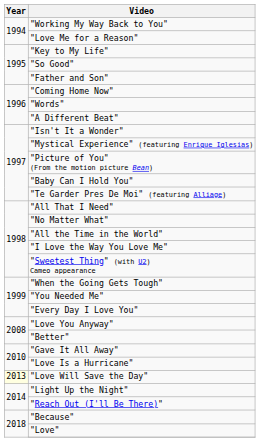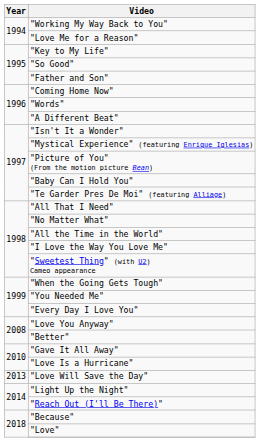 <table class="wikitable">
 <tr>
 <th>Year</th>
 <th>Video</th>
 </tr>
 <tr>
 <td rowspan="2">1994</td>
 <td>"Working My Way Back to You"</td>
 </tr>
 <tr>
 <td>"Love Me for a Reason"</td>
 </tr>
 <tr>
 <td rowspan="3">1995</td>
 <td>"Key to My Life"</td>
 </tr>
 <tr>
 <td>"So Good"</td>
 </tr>
 <tr>
 <td>"Father and Son"</td>
 </tr>
 <tr>
 <td rowspan="3">1996</td>
 <td>"Coming Home Now"</td>
 </tr>
 <tr>
 <td>"Words"</td>
 </tr>
 <tr>
 <td>"A Different Beat"</td>
 </tr>
 <tr>
 <td rowspan="5">1997</td>
 <td>"Isn't It a Wonder"</td>
 </tr>
 <tr>
 <td>"Mystical Experience" <small>(featuring <a href='#'>Enrique Iglesias</a>)</small></td>
 </tr>
 <tr>
 <td>"Picture of You" <br><small>(From the motion picture <em><a href='#'>Bean</a></em>)</small></td>
 </tr>
 <tr>
 <td>"Baby Can I Hold You"</td>
 </tr>
 <tr>
 <td>"Te Garder Pres De Moi" <small>(featuring <a href='#'>Alliage</a>)</small></td>
 </tr>
 <tr>
 <td rowspan="5">1998</td>
 <td>"All That I Need"</td>
 </tr>
 <tr>
 <td>"No Matter What"</td>
 </tr>
 <tr>
 <td>"All the Time in the World"</td>
 </tr>
 <tr>
 <td>"I Love the Way You Love Me"</td>
 </tr>
 <tr>
 <td>"<a href='#'>Sweetest Thing</a>" <small>(with <a href='#'>U2</a>)</small><br><small>Cameo appearance</small></td>
 </tr>
 <tr>
 <td rowspan="3">1999</td>
 <td>"When the Going Gets Tough"</td>
 </tr>
 <tr>
 <td>"You Needed Me"</td>
 </tr>
 <tr>
 <td>"Every Day I Love You"</td>
 </tr>
 <tr>
 <td rowspan="2">2008</td>
 <td>"Love You Anyway"</td>
 </tr>
 <tr>
 <td>"Better"</td>
 </tr>
 <tr>
 <td rowspan="2">2010</td>
 <td>"Gave It All Away"</td>
 </tr>
 <tr>
 <td>"Love Is a Hurricane"</td>
 </tr>
 <tr>
-<td style="background: lightyellow;">2013</td>
+<td>2013</td>
 <td>"Love Will Save the Day"</td>
 </tr>
 <tr>
 <td rowspan="2">2014</td>
 <td>"Light Up the Night"</td>
 </tr>
 <tr>
 <td>"<a href='#'>Reach Out (I'll Be There)</a>"</td>
 </tr>
 <tr>
 <td rowspan="3">2018</td>
 <td>"Because"</td>
 </tr>
 <tr>
 <td>"Love"</td>
 </tr>
 <tr>
 </tr>
 </table>
